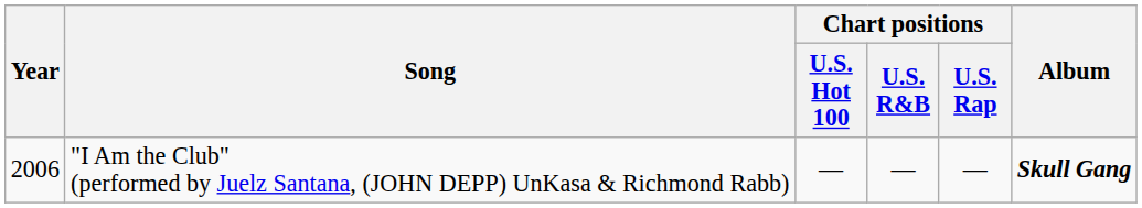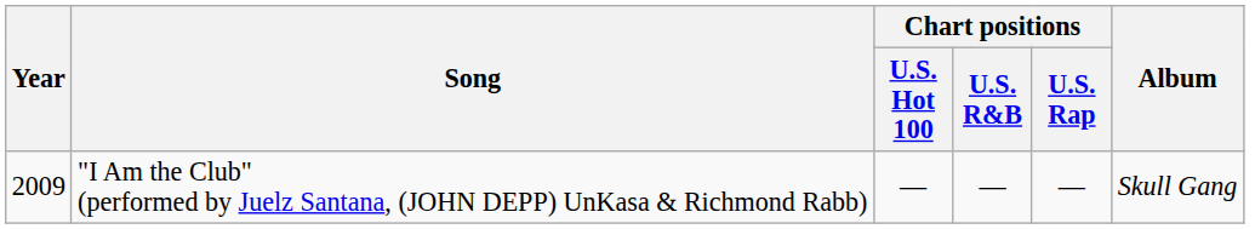 <table class="wikitable">
 <tr>
 <th rowspan="2">Year</th>
 <th rowspan="2">Song</th>
 <th colspan="3">Chart positions</th>
 <th rowspan="2">Album</th>
 </tr>
 <tr>
 <th width="40"><a href='#'>U.S. Hot 100</a></th>
 <th width="40"><a href='#'>U.S. R&B</a></th>
 <th width="40"><a href='#'>U.S. Rap</a></th>
 </tr>
 <tr>
-<td style="text-align:center;">2006</td>
+<td style="text-align:center;">2009</td>
 <td align="left">"I Am the Club"<br>(performed by <a href='#'>Juelz Santana</a>, (JOHN DEPP) UnKasa & Richmond Rabb)</td>
 <td style="text-align:center;">—</td>
 <td style="text-align:center;">—</td>
 <td style="text-align:center;">—</td>
-<td style="text-align:left;"><strong><em>Skull Gang</em></strong></td>
+<td style="text-align:left;"><em>Skull Gang</em></td>
 </tr>
 </table>
